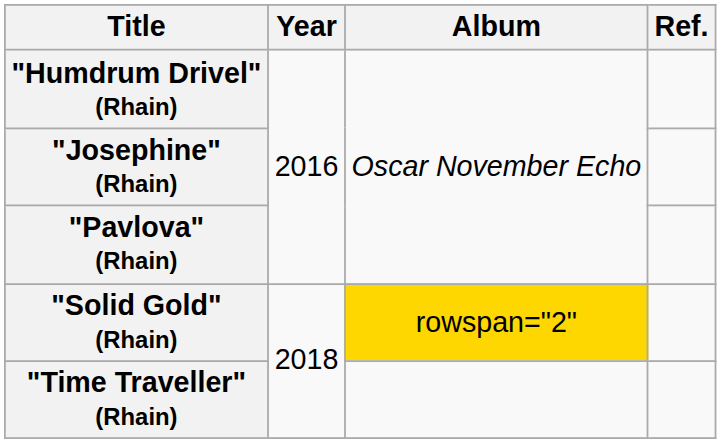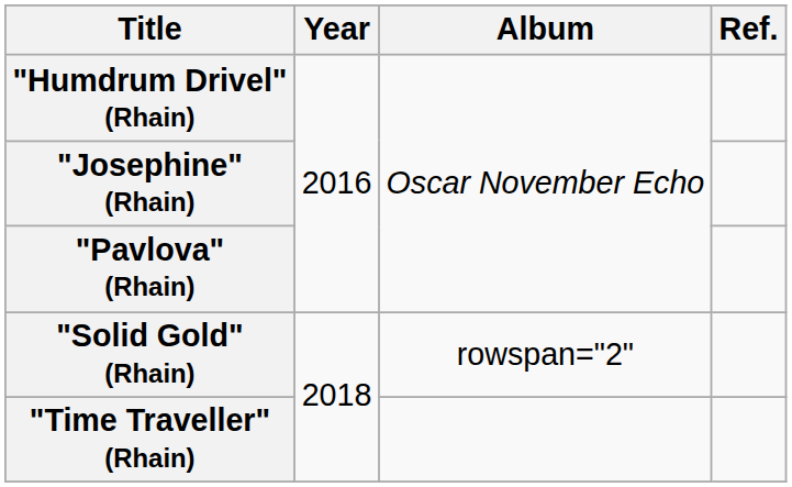 <table class="wikitable plainrowheaders" style="text-align:center;">
 <tr>
 <th scope="col">Title</th>
 <th scope="col">Year</th>
 <th scope="col">Album</th>
 <th>Ref.</th>
 </tr>
 <tr>
 <th scope="row">"Humdrum Drivel"<br><small>(Rhain)</small></th>
 <td rowspan="3">2016</td>
 <td rowspan="3"><em>Oscar November Echo</em></td>
 <td></td>
 </tr>
 <tr>
 <th scope="row">"Josephine"<br><small>(Rhain)</small></th>
 <td></td>
 </tr>
 <tr>
 <th scope="row">"Pavlova"<br><small>(Rhain)</small></th>
 <td></td>
 </tr>
 <tr>
 <th scope="row">"Solid Gold"<br><small>(Rhain)</small></th>
 <td rowspan="2">2018</td>
-<td style="background: gold;">rowspan="2" </td>
+<td>rowspan="2" </td>
 <td></td>
 </tr>
 <tr>
 <th scope="row">"Time Traveller"<br><small>(Rhain)</small></th>
 <td></td>
 </tr>
 </table>
